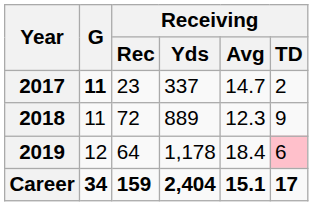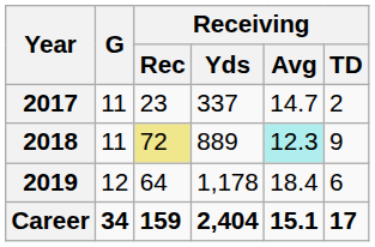 <table class="wikitable sortable">
 <tr>
 <th rowspan="2">Year</th>
 <th rowspan="2">G</th>
 <th colspan="4">Receiving</th>
 </tr>
 <tr>
 <th>Rec</th>
 <th>Yds</th>
 <th>Avg</th>
 <th>TD</th>
 </tr>
 <tr>
 <th>2017</th>
-<td><strong>11</strong></td>
+<td>11</td>
 <td>23</td>
 <td>337</td>
 <td>14.7</td>
 <td>2</td>
 </tr>
 <tr>
 <th>2018</th>
 <td>11</td>
-<td>72</td>
+<td style="background: khaki;">72</td>
 <td>889</td>
-<td>12.3</td>
+<td style="background: paleturquoise;">12.3</td>
 <td>9</td>
 </tr>
 <tr>
 <th>2019</th>
 <td>12</td>
 <td>64</td>
 <td>1,178</td>
 <td>18.4</td>
-<td style="background: pink;">6</td>
+<td>6</td>
 </tr>
 <tr>
 <th>Career</th>
 <td><strong>34</strong></td>
 <td><strong>159</strong></td>
 <td><strong>2,404</strong></td>
 <td><strong>15.1</strong></td>
 <td><strong>17</strong></td>
 </tr>
 </table>
